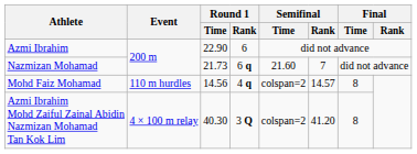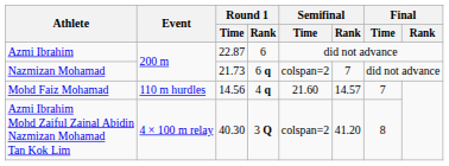 <table class="wikitable" style="font-size:90%">
 <tr>
 <th rowspan=2>Athlete</th>
 <th rowspan=2>Event</th>
 <th colspan=2>Round 1</th>
 <th colspan=2>Semifinal</th>
 <th colspan=2>Final</th>
 </tr>
 <tr style="font-size:95%">
 <th>Time</th>
 <th>Rank</th>
 <th>Time</th>
 <th>Rank</th>
 <th>Time</th>
 <th>Rank</th>
 </tr>
 <tr align=center>
 <td align=left><a href='#'>Azmi Ibrahim</a></td>
 <td rowspan=2 align=left><a href='#'>200 m</a></td>
-<td>22.90</td>
+<td>22.87</td>
 <td>6</td>
 <td colspan=4>did not advance</td>
 </tr>
 <tr align=center>
 <td align=left><a href='#'>Nazmizan Mohamad</a></td>
 <td>21.73</td>
 <td>6 <strong>q</strong></td>
-<td>21.60</td>
+<td>colspan=2 </td>
 <td>7</td>
 <td colspan=2>did not advance</td>
 </tr>
 <tr align=center>
 <td align=left><a href='#'>Mohd Faiz Mohamad</a></td>
 <td align=left><a href='#'>110 m hurdles</a></td>
 <td>14.56</td>
 <td>4 <strong>q</strong></td>
-<td>colspan=2 </td>
+<td>21.60</td>
 <td>14.57</td>
-<td>8</td>
+<td>7</td>
 </tr>
 <tr align=center>
 <td align=left><a href='#'>Azmi Ibrahim</a><br><a href='#'>Mohd Zaiful Zainal Abidin</a><br><a href='#'>Nazmizan Mohamad</a><br><a href='#'>Tan Kok Lim</a></td>
 <td align=left><a href='#'>4 × 100 m relay</a></td>
 <td>40.30</td>
 <td>3 <strong>Q</strong></td>
 <td>colspan=2 </td>
 <td>41.20</td>
 <td>8</td>
 </tr>
 </table>
